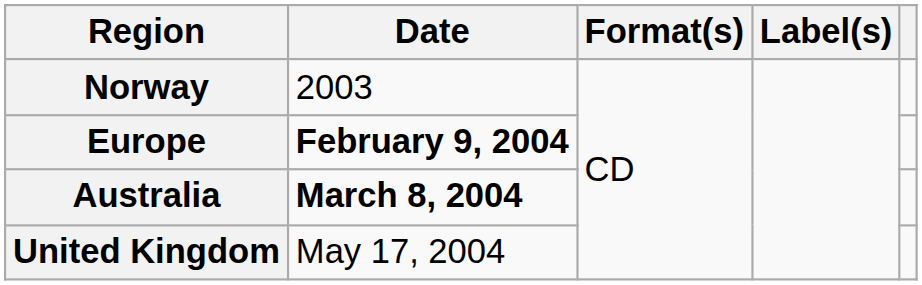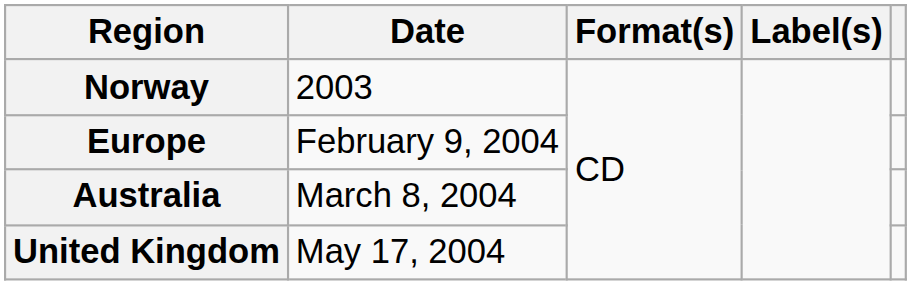 <table class="wikitable plainrowheaders">
 <tr>
 <th scope="col">Region</th>
 <th scope="col">Date</th>
 <th scope="col">Format(s)</th>
 <th scope="col">Label(s)</th>
 <th scope="col"></th>
 </tr>
 <tr>
 <th scope="row">Norway</th>
 <td>2003</td>
 <td rowspan="4">CD</td>
 <td rowspan="4"></td>
 <td></td>
 </tr>
 <tr>
 <th scope="row">Europe</th>
-<td><strong>February 9, 2004</strong></td>
+<td>February 9, 2004</td>
 <td></td>
 </tr>
 <tr>
 <th scope="row">Australia</th>
-<td><strong>March 8, 2004</strong></td>
+<td>March 8, 2004</td>
 <td></td>
 </tr>
 <tr>
 <th scope="row">United Kingdom</th>
 <td>May 17, 2004</td>
 <td></td>
 </tr>
 </table>
